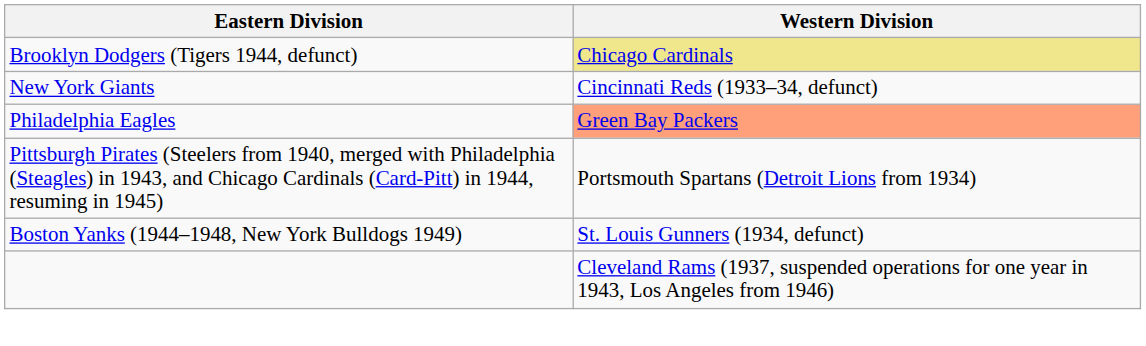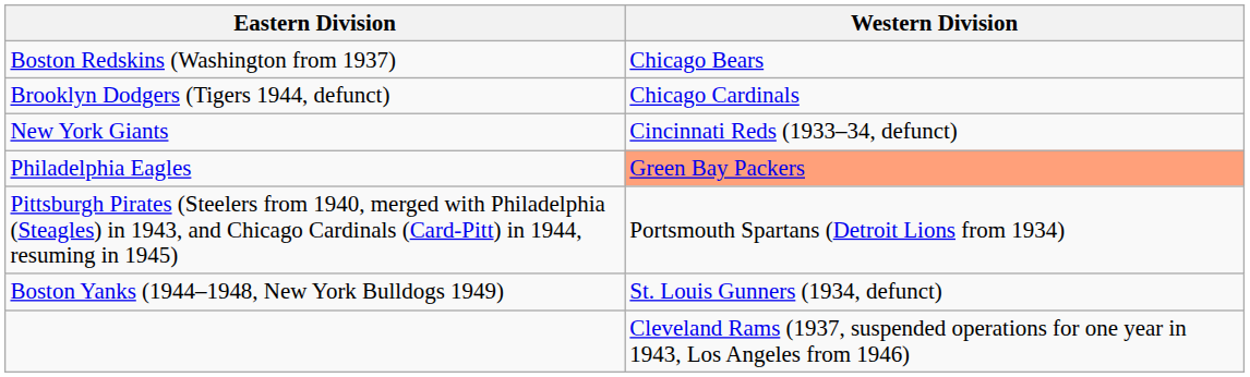 <table class="wikitable">
 <tr>
 <th style="width:50%">Eastern Division</th>
 <th style="width:50%">Western Division</th>
 </tr>
 <tr>
+<td><a href='#'>Boston Redskins</a> (Washington from 1937)</td>
+<td><a href='#'>Chicago Bears</a></td>
+</tr>
+<tr>
 <td><a href='#'>Brooklyn Dodgers</a> (Tigers 1944, defunct)</td>
-<td style="background: khaki;"><a href='#'>Chicago Cardinals</a></td>
+<td><a href='#'>Chicago Cardinals</a></td>
 </tr>
 <tr>
 <td><a href='#'>New York Giants</a></td>
 <td><a href='#'>Cincinnati Reds</a> (1933–34, defunct)</td>
 </tr>
 <tr>
 <td><a href='#'>Philadelphia Eagles</a></td>
 <td style="background: lightsalmon;"><a href='#'>Green Bay Packers</a></td>
 </tr>
 <tr>
 <td><a href='#'>Pittsburgh Pirates</a> (Steelers from 1940, merged with Philadelphia (<a href='#'>Steagles</a>) in 1943, and Chicago Cardinals (<a href='#'>Card-Pitt</a>) in 1944, resuming in 1945)</td>
 <td>Portsmouth Spartans (<a href='#'>Detroit Lions</a> from 1934)</td>
 </tr>
 <tr>
 <td><a href='#'>Boston Yanks</a> (1944–1948, New York Bulldogs 1949)</td>
 <td><a href='#'>St. Louis Gunners</a> (1934, defunct)</td>
 </tr>
 <tr>
 <td></td>
 <td><a href='#'>Cleveland Rams</a> (1937, suspended operations for one year in 1943, Los Angeles from 1946)</td>
 </tr>
 </table>
